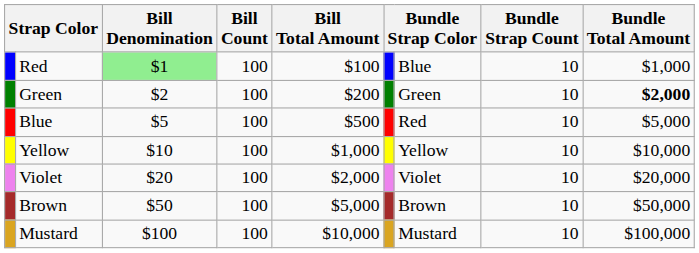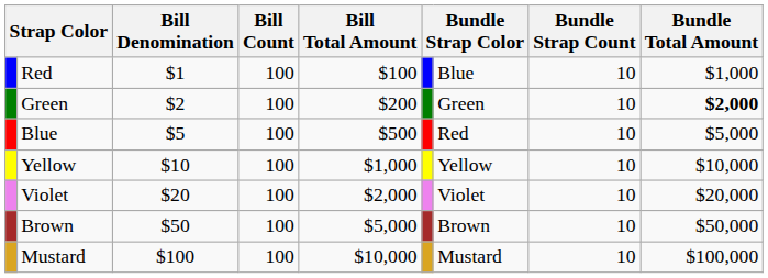 <table class="wikitable">
 <tr>
 <th colspan="2">Strap Color</th>
 <th>Bill<br>Denomination</th>
 <th>Bill<br>Count</th>
 <th>Bill<br>Total Amount</th>
 <th colspan="2">Bundle<br>Strap Color</th>
 <th>Bundle<br>Strap Count</th>
 <th>Bundle<br>Total Amount</th>
 </tr>
 <tr>
 <td style="background:Blue"></td>
 <td>Red</td>
-<td align="center" style="background: lightgreen;">$1</td>
+<td align="center">$1</td>
 <td align="right">100</td>
 <td align="right">$100</td>
 <td style="background:Blue"></td>
 <td>Blue</td>
 <td align="right">10</td>
 <td align="right">$1,000</td>
 </tr>
 <tr>
 <td style="background:Green"></td>
 <td>Green</td>
 <td align="center">$2</td>
 <td align="right">100</td>
 <td align="right">$200</td>
 <td style="background:Green"></td>
 <td>Green</td>
 <td align="right">10</td>
 <td align="right"><strong>$2,000</strong></td>
 </tr>
 <tr>
 <td style="background:Red"></td>
 <td>Blue</td>
 <td align="center">$5</td>
 <td align="right">100</td>
 <td align="right">$500</td>
 <td style="background:Red"></td>
 <td>Red</td>
 <td align="right">10</td>
 <td align="right">$5,000</td>
 </tr>
 <tr>
 <td style="background:Yellow"></td>
 <td>Yellow</td>
 <td align="center">$10</td>
 <td align="right">100</td>
 <td align="right">$1,000</td>
 <td style="background:Yellow"></td>
 <td>Yellow</td>
 <td align="right">10</td>
 <td align="right">$10,000</td>
 </tr>
 <tr>
 <td style="background:Violet"></td>
 <td>Violet</td>
 <td align="center">$20</td>
 <td align="right">100</td>
 <td align="right">$2,000</td>
 <td style="background:Violet"></td>
 <td>Violet</td>
 <td align="right">10</td>
 <td align="right">$20,000</td>
 </tr>
 <tr>
 <td style="background:Brown"></td>
 <td>Brown</td>
 <td align="center">$50</td>
 <td align="right">100</td>
 <td align="right">$5,000</td>
 <td style="background:Brown"></td>
 <td>Brown</td>
 <td align="right">10</td>
 <td align="right">$50,000</td>
 </tr>
 <tr>
 <td style="background:GoldenRod"></td>
 <td>Mustard</td>
 <td align="center">$100</td>
 <td align="right">100</td>
 <td align="right">$10,000</td>
 <td style="background:GoldenRod"></td>
 <td>Mustard</td>
 <td align="right">10</td>
 <td align="right">$100,000</td>
 </tr>
 </table>
